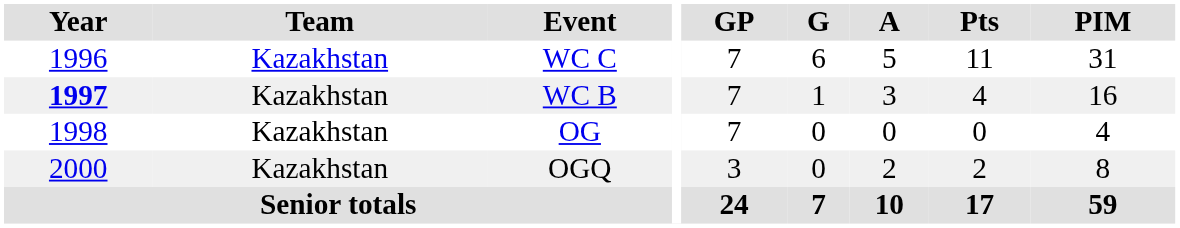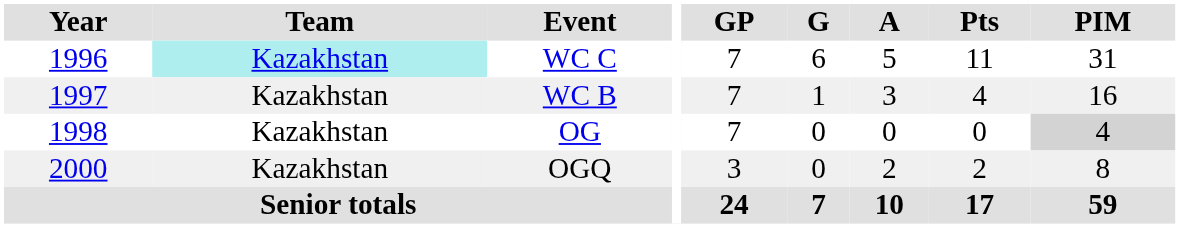 <table border="0" cellpadding="1" cellspacing="0" ID="Table3" style="text-align:center; width:40em">
 <tr bgcolor="#e0e0e0">
 <th>Year</th>
 <th>Team</th>
 <th>Event</th>
 <th rowspan="102" bgcolor="#ffffff"></th>
 <th>GP</th>
 <th>G</th>
 <th>A</th>
 <th>Pts</th>
 <th>PIM</th>
 </tr>
 <tr>
 <td><a href='#'>1996</a></td>
-<td><a href='#'>Kazakhstan</a></td>
+<td style="background: paleturquoise;"><a href='#'>Kazakhstan</a></td>
 <td><a href='#'>WC C</a></td>
 <td>7</td>
 <td>6</td>
 <td>5</td>
 <td>11</td>
 <td>31</td>
 </tr>
 <tr bgcolor="#f0f0f0">
-<td><strong><a href='#'>1997</a></strong></td>
+<td><a href='#'>1997</a></td>
 <td>Kazakhstan</td>
 <td><a href='#'>WC B</a></td>
 <td>7</td>
 <td>1</td>
 <td>3</td>
 <td>4</td>
 <td>16</td>
 </tr>
 <tr>
 <td><a href='#'>1998</a></td>
 <td>Kazakhstan</td>
 <td><a href='#'>OG</a></td>
 <td>7</td>
 <td>0</td>
 <td>0</td>
 <td>0</td>
-<td>4</td>
+<td style="background: lightgrey;">4</td>
 </tr>
 <tr bgcolor="#f0f0f0">
 <td><a href='#'>2000</a></td>
 <td>Kazakhstan</td>
 <td>OGQ</td>
 <td>3</td>
 <td>0</td>
 <td>2</td>
 <td>2</td>
 <td>8</td>
 </tr>
 <tr bgcolor="#e0e0e0">
 <th colspan="3">Senior totals</th>
 <th>24</th>
 <th>7</th>
 <th>10</th>
 <th>17</th>
 <th>59</th>
 </tr>
 </table>
